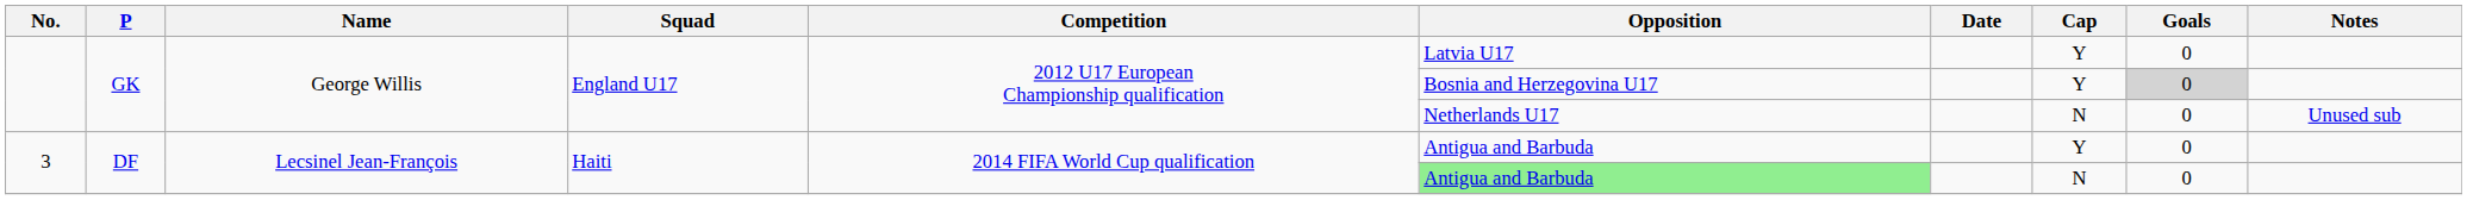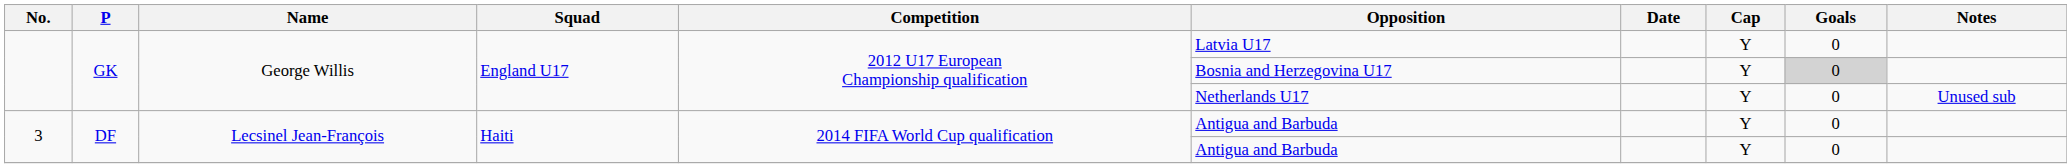 <table width=100% class="wikitable" style="text-align: center;">
 <tr>
 <th>No.</th>
 <th><a href='#'>P</a></th>
 <th>Name</th>
 <th>Squad</th>
 <th>Competition</th>
 <th>Opposition</th>
 <th>Date</th>
 <th>Cap</th>
 <th>Goals</th>
 <th>Notes</th>
 </tr>
 <tr>
 <td rowspan="3"></td>
 <td rowspan="3"><a href='#'>GK</a></td>
 <td rowspan="3">George Willis</td>
 <td rowspan="3" align=left> <a href='#'>England U17</a></td>
 <td rowspan="3"><a href='#'>2012 U17 European<br> Championship qualification</a></td>
 <td align=left> <a href='#'>Latvia U17</a></td>
 <td></td>
 <td>Y</td>
 <td>0</td>
 <td></td>
 </tr>
 <tr>
 <td align=left> <a href='#'>Bosnia and Herzegovina U17</a></td>
 <td></td>
 <td>Y</td>
 <td style="background: lightgrey;">0</td>
 <td></td>
 </tr>
 <tr>
 <td align=left> <a href='#'>Netherlands U17</a></td>
 <td></td>
-<td>N</td>
+<td>Y</td>
 <td>0</td>
 <td><a href='#'>Unused sub</a></td>
 </tr>
 <tr>
 <td rowspan="2">3</td>
 <td rowspan="2"><a href='#'>DF</a></td>
 <td rowspan="2"><a href='#'>Lecsinel Jean-François</a></td>
 <td align=left rowspan="2"> <a href='#'>Haiti</a></td>
 <td rowspan="2"><a href='#'>2014 FIFA World Cup qualification</a></td>
 <td align=left> <a href='#'>Antigua and Barbuda</a></td>
 <td></td>
 <td>Y</td>
 <td>0</td>
 <td></td>
 </tr>
 <tr>
-<td align=left style="background: lightgreen;"> <a href='#'>Antigua and Barbuda</a></td>
+<td align=left> <a href='#'>Antigua and Barbuda</a></td>
 <td></td>
-<td>N</td>
+<td>Y</td>
 <td>0</td>
 <td></td>
 </tr>
 <tr>
 </tr>
 </table>
